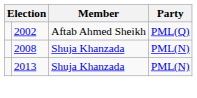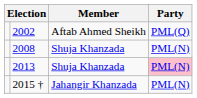 <table class="wikitable">
 <tr>
 <th colspan="2">Election</th>
 <th>Member</th>
 <th>Party</th>
 </tr>
 <tr>
 <td style="background-color: "></td>
 <td><a href='#'>2002</a></td>
 <td>Aftab Ahmed Sheikh</td>
 <td><a href='#'>PML(Q)</a></td>
 </tr>
 <tr>
 <td style="background-color: "></td>
 <td><a href='#'>2008</a></td>
 <td><a href='#'>Shuja Khanzada</a></td>
 <td><a href='#'>PML(N)</a></td>
 </tr>
 <tr>
 <td style="background-color: "></td>
 <td><a href='#'>2013</a></td>
 <td><a href='#'>Shuja Khanzada</a></td>
+<td style="background: pink;"><a href='#'>PML(N)</a></td>
+</tr>
+<tr>
+<td style="background-color: "></td>
+<td>2015 †</td>
+<td><a href='#'>Jahangir Khanzada</a></td>
 <td><a href='#'>PML(N)</a></td>
 </tr>
 </table>
